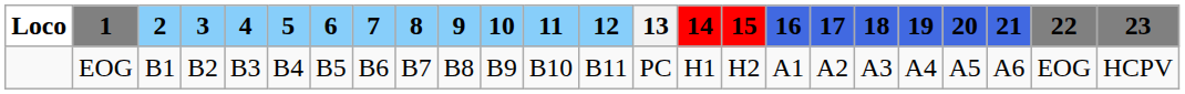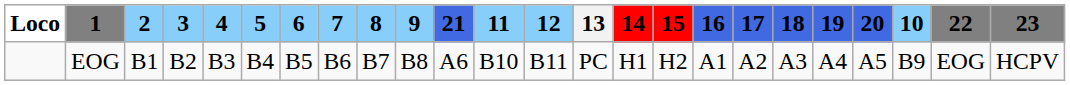 <table class="wikitable plainrowheaders unsortable" style="text-align:center">
 <tr>
 <th scope="col" rowspan="1" style="background:white;">Loco</th>
 <th scope="col" rowspan="1" style="background:grey;">1</th>
 <th scope="col" rowspan="1" style="background:lightskyblue;">2</th>
 <th scope="col" rowspan="1" style="background:lightskyblue;">3</th>
 <th scope="col" rowspan="1" style="background:lightskyblue;">4</th>
 <th scope="col" rowspan="1" style="background:lightskyblue;">5</th>
 <th scope="col" rowspan="1" style="background:lightskyblue;">6</th>
 <th scope="col" rowspan="1" style="background:lightskyblue;">7</th>
 <th scope="col" rowspan="1" style="background:lightskyblue;">8</th>
 <th scope="col" rowspan="1" style="background:lightskyblue;">9</th>
-<th scope="col" rowspan="1" style="background:lightskyblue;">10</th>
+<th scope="col" rowspan="1" style="background:royalblue;">21</th>
 <th scope="col" rowspan="1" style="background:lightskyblue;">11</th>
 <th scope="col" rowspan="1" style="background:lightskyblue;">12</th>
 <th scope="col" rowspan="1" style="background:neon;">13</th>
 <th scope="col" rowspan="1" style="background:red;">14</th>
 <th scope="col" rowspan="1" style="background:red;">15</th>
 <th scope="col" rowspan="1" style="background:royalblue;">16</th>
 <th scope="col" rowspan="1" style="background:royalblue;">17</th>
 <th scope="col" rowspan="1" style="background:royalblue;">18</th>
 <th scope="col" rowspan="1" style="background:royalblue;">19</th>
 <th scope="col" rowspan="1" style="background:royalblue;">20</th>
-<th scope="col" rowspan="1" style="background:royalblue;">21</th>
+<th scope="col" rowspan="1" style="background:lightskyblue;">10</th>
 <th scope="col" rowspan="1" style="background:grey;">22</th>
 <th scope="col" rowspan="1" style="background:grey;">23</th>
 </tr>
 <tr>
 <td></td>
 <td>EOG</td>
 <td>B1</td>
 <td>B2</td>
 <td>B3</td>
 <td>B4</td>
 <td>B5</td>
 <td>B6</td>
 <td>B7</td>
 <td>B8</td>
-<td>B9</td>
+<td>A6</td>
 <td>B10</td>
 <td>B11</td>
 <td>PC</td>
 <td>H1</td>
 <td>H2</td>
 <td>A1</td>
 <td>A2</td>
 <td>A3</td>
 <td>A4</td>
 <td>A5</td>
-<td>A6</td>
+<td>B9</td>
 <td>EOG</td>
 <td>HCPV</td>
 </tr>
 </table>
